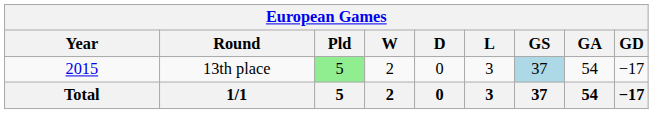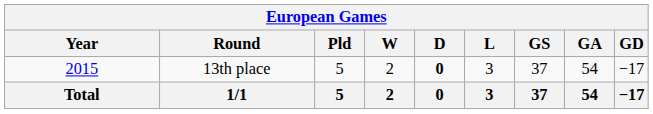 <table class="wikitable" width=50% style="text-align: center;font-size:100%;">
 <tr>
 <th colspan=10><a href='#'>European Games</a></th>
 </tr>
 <tr>
 <th width=25%>Year</th>
 <th width=25%>Round</th>
 <th width=8%>Pld</th>
 <th width=8%>W</th>
 <th width=8%>D</th>
 <th width=8%>L</th>
 <th width=8%>GS</th>
 <th width=8%>GA</th>
 <th width=10%>GD</th>
 </tr>
 <tr>
 <td><a href='#'>2015</a></td>
 <td>13th place</td>
-<td style="background: lightgreen;">5</td>
+<td>5</td>
 <td>2</td>
-<td>0</td>
+<td><strong>0</strong></td>
 <td>3</td>
-<td style="background: lightblue;">37</td>
+<td>37</td>
 <td>54</td>
 <td>−17</td>
 </tr>
 <tr>
 <th>Total</th>
 <th>1/1</th>
 <th>5</th>
 <th>2</th>
 <th>0</th>
 <th>3</th>
 <th>37</th>
 <th>54</th>
 <th>−17</th>
 </tr>
 </table>
